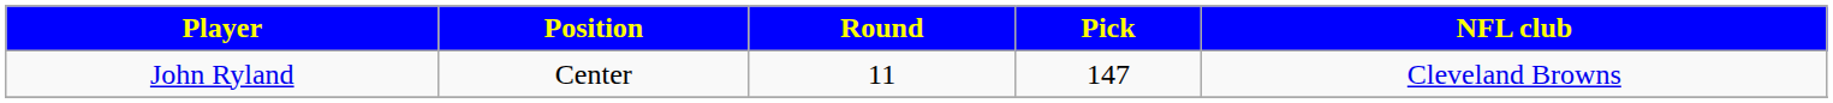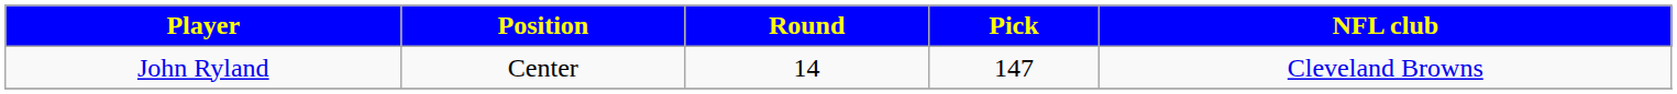 <table class="wikitable" width="80%">
 <tr align="center" style="background:blue;color:yellow;">
 <td><strong>Player</strong></td>
 <td><strong>Position</strong></td>
 <td><strong>Round</strong></td>
 <td><strong>Pick</strong></td>
 <td><strong>NFL club</strong></td>
 </tr>
 <tr align="center">
 <td><a href='#'>John Ryland</a></td>
 <td>Center</td>
-<td>11</td>
+<td>14</td>
 <td>147</td>
 <td><a href='#'>Cleveland Browns</a></td>
 </tr>
 <tr align="center" bgcolor="">
 </tr>
 <tr align="center" bgcolor="">
 </tr>
 </table>
